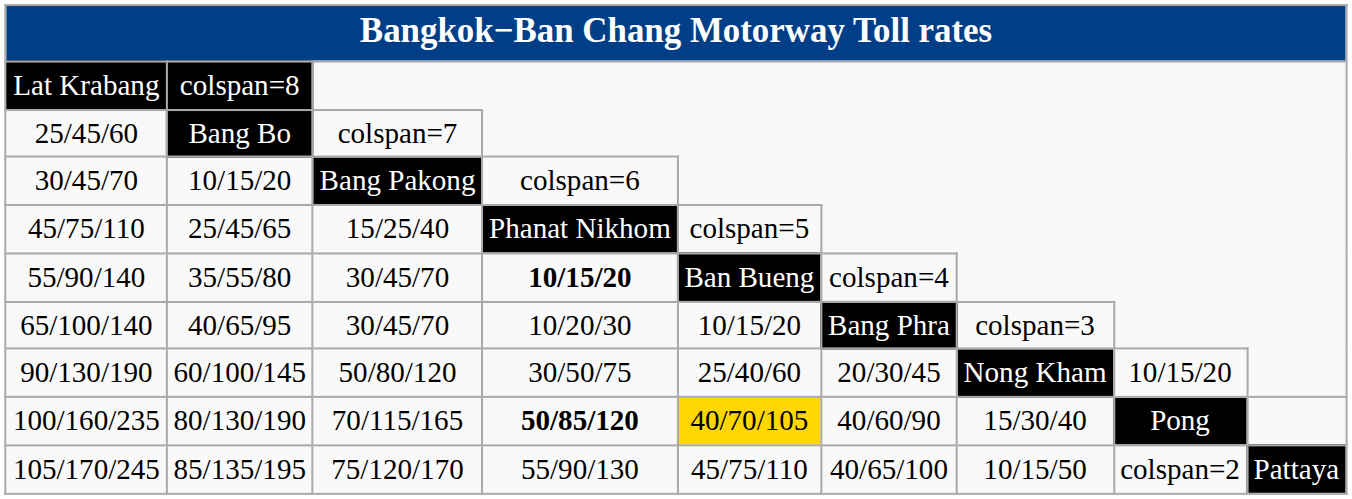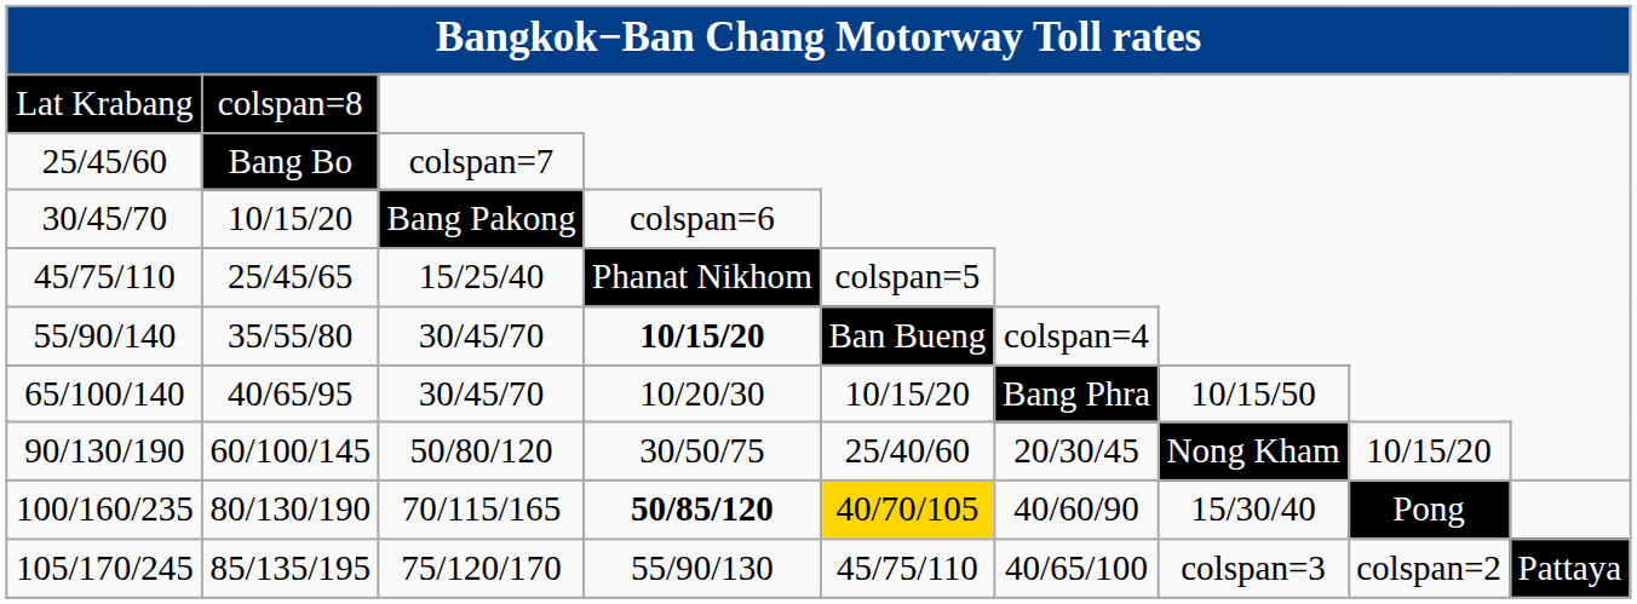 <table style="margin-left:1em; margin-bottom:1em; color:black; font-size:90%; text-align:center;" class="wikitable">
 <tr style="background:#003f87; text-align:center; color:white; font-size:120%;">
 <td colspan="10"><strong> Bangkok−Ban Chang Motorway Toll rates</strong></td>
 </tr>
 <tr align="center" bgcolor="000000" style="color: white">
 <td bgcolor="000000" style="color: white">Lat Krabang</td>
 <td>colspan=8 </td>
 </tr>
 <tr>
 <td>25/45/60</td>
 <td bgcolor="000000" style="color: white">Bang Bo</td>
 <td>colspan=7 </td>
 </tr>
 <tr>
 <td>30/45/70</td>
 <td>10/15/20</td>
 <td bgcolor="000000" style="color: white">Bang Pakong</td>
 <td>colspan=6 </td>
 </tr>
 <tr>
 <td>45/75/110</td>
 <td>25/45/65</td>
 <td>15/25/40</td>
 <td bgcolor="000000" style="color: white">Phanat Nikhom</td>
 <td>colspan=5 </td>
 </tr>
 <tr>
 <td>55/90/140</td>
 <td>35/55/80</td>
 <td>30/45/70</td>
 <td><strong>10/15/20</strong></td>
 <td bgcolor="000000" style="color: white">Ban Bueng</td>
 <td>colspan=4 </td>
 </tr>
 <tr>
 <td>65/100/140</td>
 <td>40/65/95</td>
 <td>30/45/70</td>
 <td>10/20/30</td>
 <td>10/15/20</td>
 <td bgcolor="000000" style="color: white">Bang Phra</td>
-<td>colspan=3 </td>
+<td>10/15/50</td>
 </tr>
 <tr>
 <td>90/130/190</td>
 <td>60/100/145</td>
 <td>50/80/120</td>
 <td>30/50/75</td>
 <td>25/40/60</td>
 <td>20/30/45</td>
 <td bgcolor="000000" style="color: white">Nong Kham</td>
 <td>10/15/20</td>
 </tr>
 <tr>
 <td>100/160/235</td>
 <td>80/130/190</td>
 <td>70/115/165</td>
 <td><strong>50/85/120</strong></td>
 <td style="background: gold;">40/70/105</td>
 <td>40/60/90</td>
 <td>15/30/40</td>
 <td bgcolor="000000" style="color: white">Pong</td>
 <td></td>
 </tr>
 <tr>
 <td>105/170/245</td>
 <td>85/135/195</td>
 <td>75/120/170</td>
 <td>55/90/130</td>
 <td>45/75/110</td>
 <td>40/65/100</td>
-<td>10/15/50</td>
+<td>colspan=3 </td>
 <td>colspan=2 </td>
 <td bgcolor="000000" style="color: white">Pattaya</td>
 </tr>
 </table>
